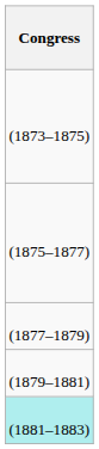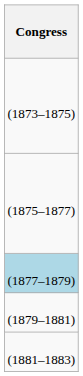 <table class="wikitable" style="float:left; margin:0; margin-right:-0.5px; margin-top:14px; text-align:center;">
 <tr style="white-space:nowrap; height:4.08em;">
 <th>Congress</th>
 </tr>
 <tr style="white-space:nowrap; height:7.22em;">
 <td><strong></strong><br>(1873–1875)</td>
 </tr>
 <tr style="white-space:nowrap; height:7.66em">
 <td><strong></strong><br>(1875–1877)</td>
 </tr>
 <tr style="white-space:nowrap; height:3em">
-<td><strong></strong><br>(1877–1879)</td>
+<td style="background: lightblue;"><strong></strong><br>(1877–1879)</td>
 </tr>
 <tr style="white-space:nowrap; height:3em">
 <td><strong></strong><br>(1879–1881)</td>
 </tr>
 <tr style="white-space:nowrap; height:3em">
-<td style="background: paleturquoise;"><strong></strong><br>(1881–1883)</td>
+<td><strong></strong><br>(1881–1883)</td>
 </tr>
 </table>
